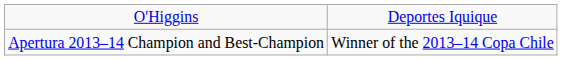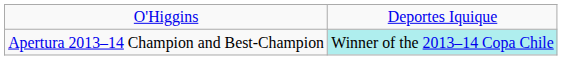 <table class="wikitable" style="text-align:center">
 <tr>
 <td><a href='#'>O'Higgins</a></td>
 <td> <a href='#'>Deportes Iquique</a></td>
 </tr>
 <tr>
 <td><a href='#'>Apertura 2013–14</a> Champion and Best-Champion</td>
-<td>Winner of the <a href='#'>2013–14 Copa Chile</a></td>
+<td style="background: paleturquoise;">Winner of the <a href='#'>2013–14 Copa Chile</a></td>
 </tr>
 </table>
